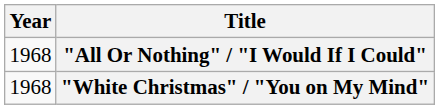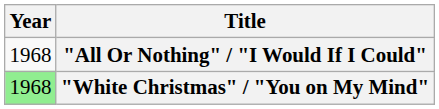 <table class="wikitable plainrowheaders" style="text-align:center;" border="1">
 <tr>
 <th>Year</th>
 <th>Title</th>
 </tr>
 <tr>
 <td>1968</td>
 <th scope="row">"All Or Nothing" / "I Would If I Could"</th>
 </tr>
 <tr>
-<td>1968</td>
+<td style="background: lightgreen;">1968</td>
 <th scope="row">"White Christmas" / "You on My Mind"</th>
 </tr>
 </table>
